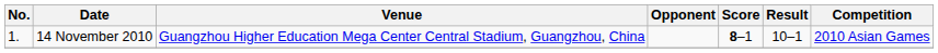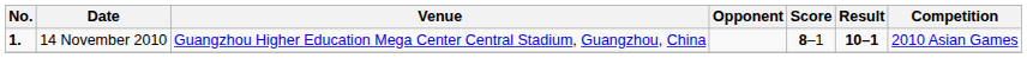 <table class="wikitable">
 <tr>
 <th>No.</th>
 <th>Date</th>
 <th>Venue</th>
 <th>Opponent</th>
 <th>Score</th>
 <th>Result</th>
 <th>Competition</th>
 </tr>
 <tr>
-<td>1.</td>
+<td><strong>1.</strong></td>
 <td>14 November 2010</td>
 <td><a href='#'>Guangzhou Higher Education Mega Center Central Stadium</a>, <a href='#'>Guangzhou</a>, <a href='#'>China</a></td>
 <td></td>
 <td align=center><strong>8</strong>–1</td>
-<td align=center>10–1</td>
+<td align=center><strong>10–1</strong></td>
 <td><a href='#'>2010 Asian Games</a></td>
 </tr>
 <tr>
 </tr>
 </table>
